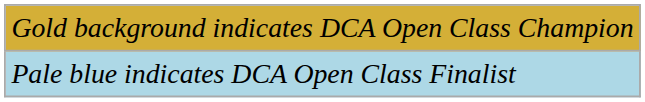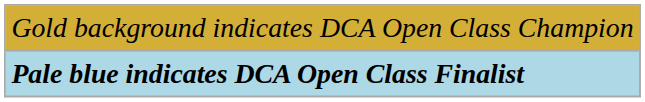 <table class="wikitable" style="font-size:95%;">
 <tr>
 <td bgcolor="#d4af37"><em>Gold background indicates DCA Open Class Champion</em></td>
 </tr>
 <tr>
-<td bgcolor="#add8e6"><em>Pale blue indicates DCA Open Class Finalist</em></td>
+<td bgcolor="#add8e6"><strong><em>Pale blue indicates DCA Open Class Finalist</em></strong></td>
 </tr>
 </table>
